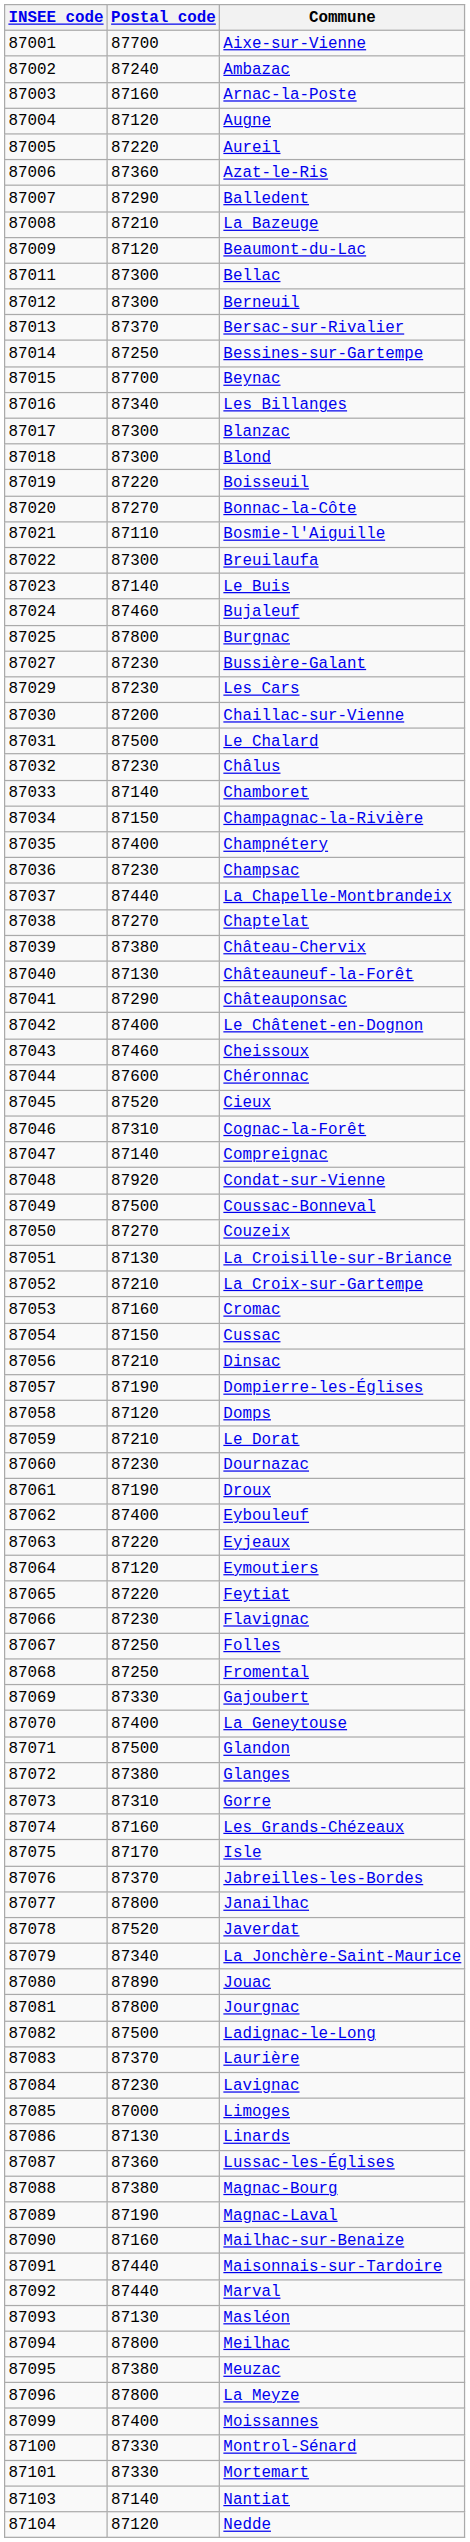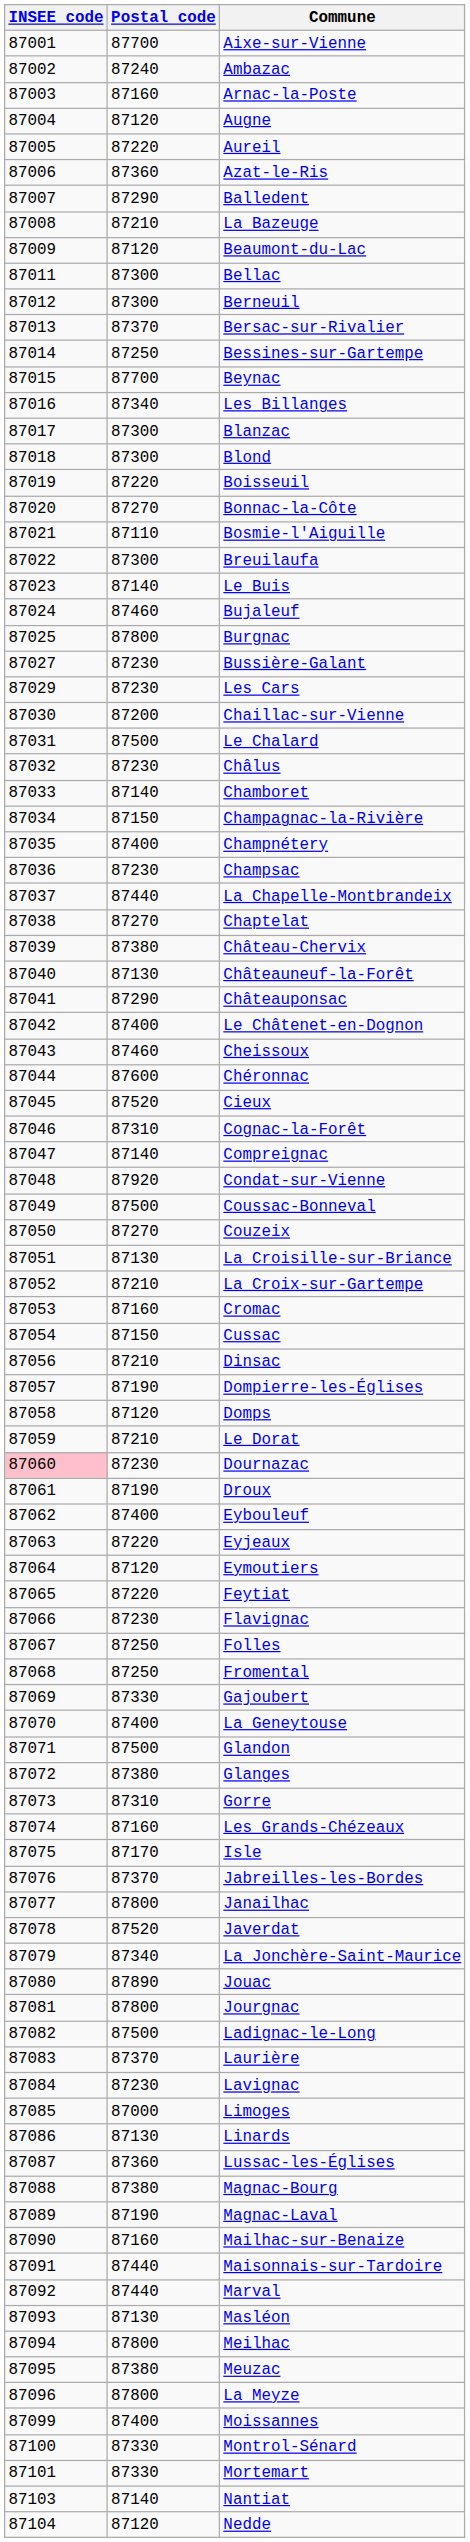 <table class="wikitable sortable">
 <tr>
 <th><a href='#'>INSEE code</a></th>
 <th><a href='#'>Postal code</a></th>
 <th>Commune</th>
 </tr>
 <tr>
 <td>87001</td>
 <td>87700</td>
 <td><a href='#'>Aixe-sur-Vienne</a></td>
 </tr>
 <tr>
 <td>87002</td>
 <td>87240</td>
 <td><a href='#'>Ambazac</a></td>
 </tr>
 <tr>
 <td>87003</td>
 <td>87160</td>
 <td><a href='#'>Arnac-la-Poste</a></td>
 </tr>
 <tr>
 <td>87004</td>
 <td>87120</td>
 <td><a href='#'>Augne</a></td>
 </tr>
 <tr>
 <td>87005</td>
 <td>87220</td>
 <td><a href='#'>Aureil</a></td>
 </tr>
 <tr>
 <td>87006</td>
 <td>87360</td>
 <td><a href='#'>Azat-le-Ris</a></td>
 </tr>
 <tr>
 <td>87007</td>
 <td>87290</td>
 <td><a href='#'>Balledent</a></td>
 </tr>
 <tr>
 <td>87008</td>
 <td>87210</td>
 <td><a href='#'>La Bazeuge</a></td>
 </tr>
 <tr>
 <td>87009</td>
 <td>87120</td>
 <td><a href='#'>Beaumont-du-Lac</a></td>
 </tr>
 <tr>
 <td>87011</td>
 <td>87300</td>
 <td><a href='#'>Bellac</a></td>
 </tr>
 <tr>
 <td>87012</td>
 <td>87300</td>
 <td><a href='#'>Berneuil</a></td>
 </tr>
 <tr>
 <td>87013</td>
 <td>87370</td>
 <td><a href='#'>Bersac-sur-Rivalier</a></td>
 </tr>
 <tr>
 <td>87014</td>
 <td>87250</td>
 <td><a href='#'>Bessines-sur-Gartempe</a></td>
 </tr>
 <tr>
 <td>87015</td>
 <td>87700</td>
 <td><a href='#'>Beynac</a></td>
 </tr>
 <tr>
 <td>87016</td>
 <td>87340</td>
 <td><a href='#'>Les Billanges</a></td>
 </tr>
 <tr>
 <td>87017</td>
 <td>87300</td>
 <td><a href='#'>Blanzac</a></td>
 </tr>
 <tr>
 <td>87018</td>
 <td>87300</td>
 <td><a href='#'>Blond</a></td>
 </tr>
 <tr>
 <td>87019</td>
 <td>87220</td>
 <td><a href='#'>Boisseuil</a></td>
 </tr>
 <tr>
 <td>87020</td>
 <td>87270</td>
 <td><a href='#'>Bonnac-la-Côte</a></td>
 </tr>
 <tr>
 <td>87021</td>
 <td>87110</td>
 <td><a href='#'>Bosmie-l'Aiguille</a></td>
 </tr>
 <tr>
 <td>87022</td>
 <td>87300</td>
 <td><a href='#'>Breuilaufa</a></td>
 </tr>
 <tr>
 <td>87023</td>
 <td>87140</td>
 <td><a href='#'>Le Buis</a></td>
 </tr>
 <tr>
 <td>87024</td>
 <td>87460</td>
 <td><a href='#'>Bujaleuf</a></td>
 </tr>
 <tr>
 <td>87025</td>
 <td>87800</td>
 <td><a href='#'>Burgnac</a></td>
 </tr>
 <tr>
 <td>87027</td>
 <td>87230</td>
 <td><a href='#'>Bussière-Galant</a></td>
 </tr>
 <tr>
 <td>87029</td>
 <td>87230</td>
 <td><a href='#'>Les Cars</a></td>
 </tr>
 <tr>
 <td>87030</td>
 <td>87200</td>
 <td><a href='#'>Chaillac-sur-Vienne</a></td>
 </tr>
 <tr>
 <td>87031</td>
 <td>87500</td>
 <td><a href='#'>Le Chalard</a></td>
 </tr>
 <tr>
 <td>87032</td>
 <td>87230</td>
 <td><a href='#'>Châlus</a></td>
 </tr>
 <tr>
 <td>87033</td>
 <td>87140</td>
 <td><a href='#'>Chamboret</a></td>
 </tr>
 <tr>
 <td>87034</td>
 <td>87150</td>
 <td><a href='#'>Champagnac-la-Rivière</a></td>
 </tr>
 <tr>
 <td>87035</td>
 <td>87400</td>
 <td><a href='#'>Champnétery</a></td>
 </tr>
 <tr>
 <td>87036</td>
 <td>87230</td>
 <td><a href='#'>Champsac</a></td>
 </tr>
 <tr>
 <td>87037</td>
 <td>87440</td>
 <td><a href='#'>La Chapelle-Montbrandeix</a></td>
 </tr>
 <tr>
 <td>87038</td>
 <td>87270</td>
 <td><a href='#'>Chaptelat</a></td>
 </tr>
 <tr>
 <td>87039</td>
 <td>87380</td>
 <td><a href='#'>Château-Chervix</a></td>
 </tr>
 <tr>
 <td>87040</td>
 <td>87130</td>
 <td><a href='#'>Châteauneuf-la-Forêt</a></td>
 </tr>
 <tr>
 <td>87041</td>
 <td>87290</td>
 <td><a href='#'>Châteauponsac</a></td>
 </tr>
 <tr>
 <td>87042</td>
 <td>87400</td>
 <td><a href='#'>Le Châtenet-en-Dognon</a></td>
 </tr>
 <tr>
 <td>87043</td>
 <td>87460</td>
 <td><a href='#'>Cheissoux</a></td>
 </tr>
 <tr>
 <td>87044</td>
 <td>87600</td>
 <td><a href='#'>Chéronnac</a></td>
 </tr>
 <tr>
 <td>87045</td>
 <td>87520</td>
 <td><a href='#'>Cieux</a></td>
 </tr>
 <tr>
 <td>87046</td>
 <td>87310</td>
 <td><a href='#'>Cognac-la-Forêt</a></td>
 </tr>
 <tr>
 <td>87047</td>
 <td>87140</td>
 <td><a href='#'>Compreignac</a></td>
 </tr>
 <tr>
 <td>87048</td>
 <td>87920</td>
 <td><a href='#'>Condat-sur-Vienne</a></td>
 </tr>
 <tr>
 <td>87049</td>
 <td>87500</td>
 <td><a href='#'>Coussac-Bonneval</a></td>
 </tr>
 <tr>
 <td>87050</td>
 <td>87270</td>
 <td><a href='#'>Couzeix</a></td>
 </tr>
 <tr>
 <td>87051</td>
 <td>87130</td>
 <td><a href='#'>La Croisille-sur-Briance</a></td>
 </tr>
 <tr>
 <td>87052</td>
 <td>87210</td>
 <td><a href='#'>La Croix-sur-Gartempe</a></td>
 </tr>
 <tr>
 <td>87053</td>
 <td>87160</td>
 <td><a href='#'>Cromac</a></td>
 </tr>
 <tr>
 <td>87054</td>
 <td>87150</td>
 <td><a href='#'>Cussac</a></td>
 </tr>
 <tr>
 <td>87056</td>
 <td>87210</td>
 <td><a href='#'>Dinsac</a></td>
 </tr>
 <tr>
 <td>87057</td>
 <td>87190</td>
 <td><a href='#'>Dompierre-les-Églises</a></td>
 </tr>
 <tr>
 <td>87058</td>
 <td>87120</td>
 <td><a href='#'>Domps</a></td>
 </tr>
 <tr>
 <td>87059</td>
 <td>87210</td>
 <td><a href='#'>Le Dorat</a></td>
 </tr>
 <tr>
-<td>87060</td>
+<td style="background: pink;">87060</td>
 <td>87230</td>
 <td><a href='#'>Dournazac</a></td>
 </tr>
 <tr>
 <td>87061</td>
 <td>87190</td>
 <td><a href='#'>Droux</a></td>
 </tr>
 <tr>
 <td>87062</td>
 <td>87400</td>
 <td><a href='#'>Eybouleuf</a></td>
 </tr>
 <tr>
 <td>87063</td>
 <td>87220</td>
 <td><a href='#'>Eyjeaux</a></td>
 </tr>
 <tr>
 <td>87064</td>
 <td>87120</td>
 <td><a href='#'>Eymoutiers</a></td>
 </tr>
 <tr>
 <td>87065</td>
 <td>87220</td>
 <td><a href='#'>Feytiat</a></td>
 </tr>
 <tr>
 <td>87066</td>
 <td>87230</td>
 <td><a href='#'>Flavignac</a></td>
 </tr>
 <tr>
 <td>87067</td>
 <td>87250</td>
 <td><a href='#'>Folles</a></td>
 </tr>
 <tr>
 <td>87068</td>
 <td>87250</td>
 <td><a href='#'>Fromental</a></td>
 </tr>
 <tr>
 <td>87069</td>
 <td>87330</td>
 <td><a href='#'>Gajoubert</a></td>
 </tr>
 <tr>
 <td>87070</td>
 <td>87400</td>
 <td><a href='#'>La Geneytouse</a></td>
 </tr>
 <tr>
 <td>87071</td>
 <td>87500</td>
 <td><a href='#'>Glandon</a></td>
 </tr>
 <tr>
 <td>87072</td>
 <td>87380</td>
 <td><a href='#'>Glanges</a></td>
 </tr>
 <tr>
 <td>87073</td>
 <td>87310</td>
 <td><a href='#'>Gorre</a></td>
 </tr>
 <tr>
 <td>87074</td>
 <td>87160</td>
 <td><a href='#'>Les Grands-Chézeaux</a></td>
 </tr>
 <tr>
 <td>87075</td>
 <td>87170</td>
 <td><a href='#'>Isle</a></td>
 </tr>
 <tr>
 <td>87076</td>
 <td>87370</td>
 <td><a href='#'>Jabreilles-les-Bordes</a></td>
 </tr>
 <tr>
 <td>87077</td>
 <td>87800</td>
 <td><a href='#'>Janailhac</a></td>
 </tr>
 <tr>
 <td>87078</td>
 <td>87520</td>
 <td><a href='#'>Javerdat</a></td>
 </tr>
 <tr>
 <td>87079</td>
 <td>87340</td>
 <td><a href='#'>La Jonchère-Saint-Maurice</a></td>
 </tr>
 <tr>
 <td>87080</td>
 <td>87890</td>
 <td><a href='#'>Jouac</a></td>
 </tr>
 <tr>
 <td>87081</td>
 <td>87800</td>
 <td><a href='#'>Jourgnac</a></td>
 </tr>
 <tr>
 <td>87082</td>
 <td>87500</td>
 <td><a href='#'>Ladignac-le-Long</a></td>
 </tr>
 <tr>
 <td>87083</td>
 <td>87370</td>
 <td><a href='#'>Laurière</a></td>
 </tr>
 <tr>
 <td>87084</td>
 <td>87230</td>
 <td><a href='#'>Lavignac</a></td>
 </tr>
 <tr>
 <td>87085</td>
 <td>87000</td>
 <td><a href='#'>Limoges</a></td>
 </tr>
 <tr>
 <td>87086</td>
 <td>87130</td>
 <td><a href='#'>Linards</a></td>
 </tr>
 <tr>
 <td>87087</td>
 <td>87360</td>
 <td><a href='#'>Lussac-les-Églises</a></td>
 </tr>
 <tr>
 <td>87088</td>
 <td>87380</td>
 <td><a href='#'>Magnac-Bourg</a></td>
 </tr>
 <tr>
 <td>87089</td>
 <td>87190</td>
 <td><a href='#'>Magnac-Laval</a></td>
 </tr>
 <tr>
 <td>87090</td>
 <td>87160</td>
 <td><a href='#'>Mailhac-sur-Benaize</a></td>
 </tr>
 <tr>
 <td>87091</td>
 <td>87440</td>
 <td><a href='#'>Maisonnais-sur-Tardoire</a></td>
 </tr>
 <tr>
 <td>87092</td>
 <td>87440</td>
 <td><a href='#'>Marval</a></td>
 </tr>
 <tr>
 <td>87093</td>
 <td>87130</td>
 <td><a href='#'>Masléon</a></td>
 </tr>
 <tr>
 <td>87094</td>
 <td>87800</td>
 <td><a href='#'>Meilhac</a></td>
 </tr>
 <tr>
 <td>87095</td>
 <td>87380</td>
 <td><a href='#'>Meuzac</a></td>
 </tr>
 <tr>
 <td>87096</td>
 <td>87800</td>
 <td><a href='#'>La Meyze</a></td>
 </tr>
 <tr>
 <td>87099</td>
 <td>87400</td>
 <td><a href='#'>Moissannes</a></td>
 </tr>
 <tr>
 <td>87100</td>
 <td>87330</td>
 <td><a href='#'>Montrol-Sénard</a></td>
 </tr>
 <tr>
 <td>87101</td>
 <td>87330</td>
 <td><a href='#'>Mortemart</a></td>
 </tr>
 <tr>
 <td>87103</td>
 <td>87140</td>
 <td><a href='#'>Nantiat</a></td>
 </tr>
 <tr>
 <td>87104</td>
 <td>87120</td>
 <td><a href='#'>Nedde</a></td>
 </tr>
 </table>
